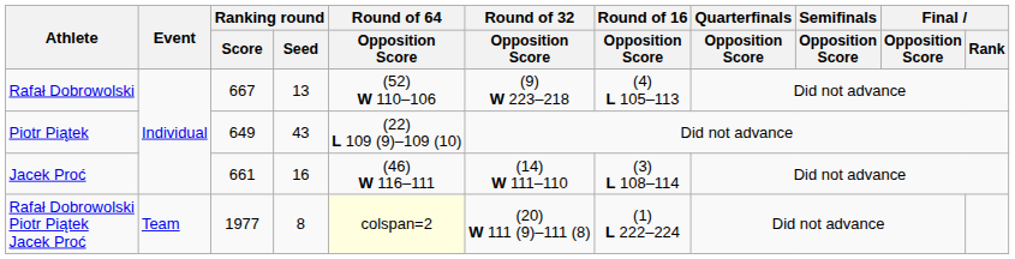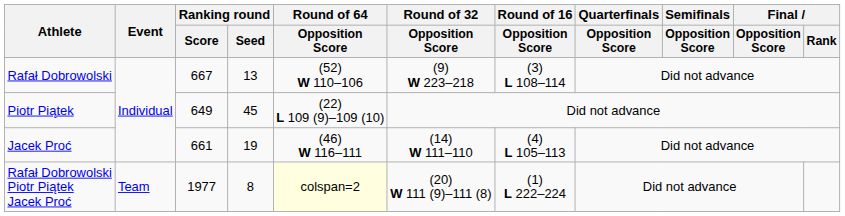 <table class="wikitable" style="font-size:90%">
 <tr>
 <th rowspan="2">Athlete</th>
 <th rowspan="2">Event</th>
 <th colspan="2">Ranking round</th>
 <th>Round of 64</th>
 <th>Round of 32</th>
 <th>Round of 16</th>
 <th>Quarterfinals</th>
 <th>Semifinals</th>
 <th colspan="2">Final / </th>
 </tr>
 <tr style="font-size:95%">
 <th>Score</th>
 <th>Seed</th>
 <th>Opposition<br>Score</th>
 <th>Opposition<br>Score</th>
 <th>Opposition<br>Score</th>
 <th>Opposition<br>Score</th>
 <th>Opposition<br>Score</th>
 <th>Opposition<br>Score</th>
 <th>Rank</th>
 </tr>
 <tr align=center>
 <td align=left><a href='#'>Rafał Dobrowolski</a></td>
 <td align=left rowspan=3><a href='#'>Individual</a></td>
 <td>667</td>
 <td>13</td>
 <td> (52)<br><strong>W</strong> 110–106</td>
 <td> (9)<br><strong>W</strong> 223–218</td>
-<td> (4)<br><strong>L</strong> 105–113</td>
+<td> (3)<br><strong>L</strong> 108–114</td>
 <td colspan=4>Did not advance</td>
 </tr>
 <tr align=center>
 <td align=left><a href='#'>Piotr Piątek</a></td>
 <td>649</td>
-<td>43</td>
+<td>45</td>
 <td> (22)<br><strong>L</strong> 109 (9)–109 (10)</td>
 <td colspan=6>Did not advance</td>
 </tr>
 <tr align=center>
 <td align=left><a href='#'>Jacek Proć</a></td>
 <td>661</td>
-<td>16</td>
+<td>19</td>
 <td> (46)<br><strong>W</strong> 116–111 </td>
 <td> (14)<br><strong>W</strong> 111–110</td>
-<td> (3)<br><strong>L</strong> 108–114</td>
+<td> (4)<br><strong>L</strong> 105–113</td>
 <td colspan=4>Did not advance</td>
 </tr>
 <tr align=center>
 <td align=left><a href='#'>Rafał Dobrowolski</a><br><a href='#'>Piotr Piątek</a><br><a href='#'>Jacek Proć</a></td>
 <td align=left><a href='#'>Team</a></td>
 <td>1977</td>
 <td>8</td>
 <td style="background: lightyellow;">colspan=2 </td>
 <td> (20)<br><strong>W</strong> 111 (9)–111 (8)</td>
 <td> (1)<br><strong>L</strong> 222–224</td>
 <td colspan=3>Did not advance</td>
 </tr>
 </table>
